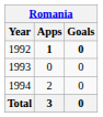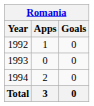 <table class="wikitable" style="text-align:center">
 <tr>
 <th colspan=3><a href='#'>Romania</a></th>
 </tr>
 <tr>
 <th>Year</th>
 <th>Apps</th>
 <th>Goals</th>
 </tr>
 <tr>
 <td>1992</td>
-<td><strong>1</strong></td>
-<td><strong>0</strong></td>
+<td>1</td>
+<td>0</td>
 </tr>
 <tr>
 <td>1993</td>
 <td>0</td>
 <td>0</td>
 </tr>
 <tr>
 <td>1994</td>
 <td>2</td>
 <td>0</td>
 </tr>
 <tr>
 <th>Total</th>
 <th>3</th>
 <th>0</th>
 </tr>
 </table>
